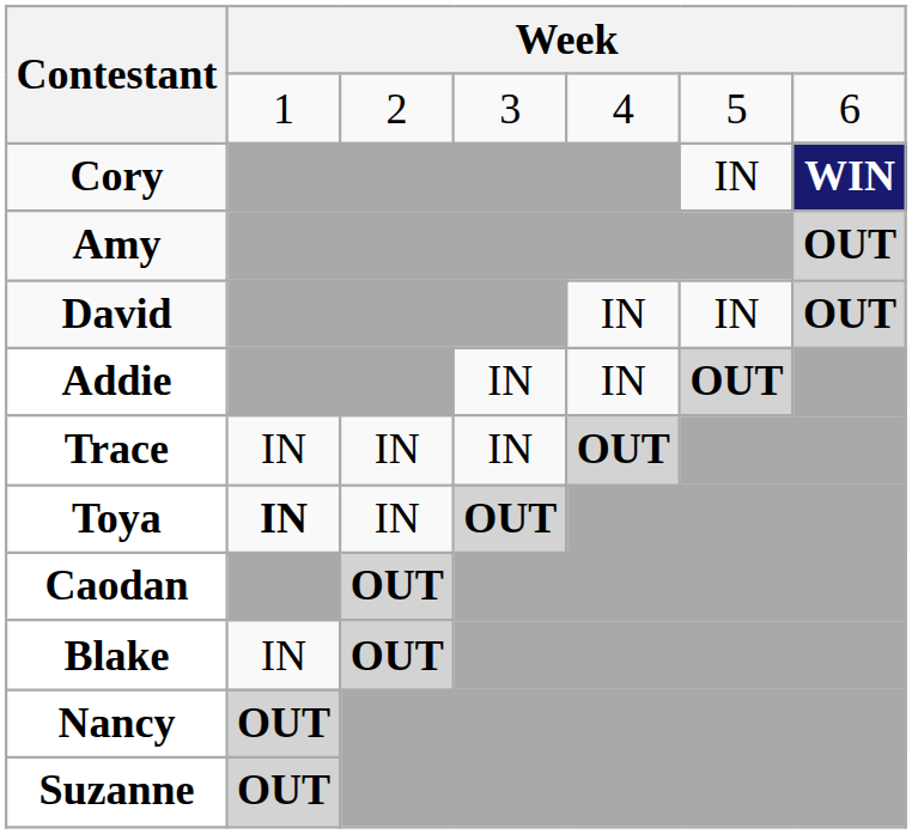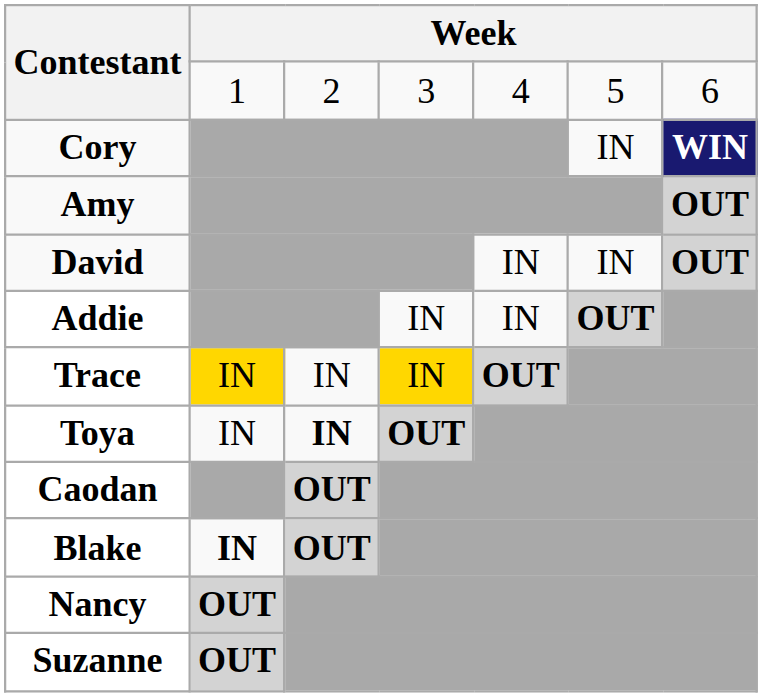 <table class="wikitable" align style="text-align:center" center>
 <tr>
 <th rowspan=2>Contestant</th>
 <th colspan=6>Week</th>
 </tr>
 <tr>
 <td>1</td>
 <td>2</td>
 <td>3</td>
 <td>4</td>
 <td>5</td>
 <td>6</td>
 </tr>
 <tr>
 <td><strong>Cory</strong></td>
 <td colspan="4" style="background:darkgrey;"></td>
 <td>IN</td>
 <td style="background:midnightblue; color:#fff;"><strong>WIN</strong></td>
 </tr>
 <tr>
 <td><strong>Amy</strong></td>
 <td colspan="5" style="background:darkgrey;"></td>
 <td style="background:lightgrey;"><strong>OUT</strong></td>
 </tr>
 <tr>
 <td><strong>David</strong></td>
 <td colspan="3" style="background:darkgrey;"></td>
 <td>IN</td>
 <td>IN</td>
 <td style="background:lightgrey;"><strong>OUT</strong></td>
 </tr>
 <tr>
 <th style="background:white"><strong>Addie</strong></th>
 <td colspan="2" style="background:darkgrey;"></td>
 <td>IN</td>
 <td>IN</td>
 <td style="background:lightgrey;"><strong>OUT</strong></td>
 <td colspan=1 style="background:darkgrey;"></td>
 </tr>
 <tr>
 <th style="background:white"><strong>Trace</strong></th>
+<td style="background: gold;">IN</td>
 <td>IN</td>
-<td>IN</td>
-<td>IN</td>
+<td style="background: gold;">IN</td>
 <td style="background:lightgrey;"><strong>OUT</strong></td>
 <td colspan=2 style="background:darkgrey;"></td>
 </tr>
 <tr>
 <th style="background:white"><strong>Toya</strong></th>
+<td>IN</td>
 <td><strong>IN</strong></td>
-<td>IN</td>
 <td style="background:lightgrey;"><strong>OUT</strong></td>
 <td colspan=3 style="background:darkgrey;"></td>
 </tr>
 <tr>
 <th style="background:white"><strong>Caodan</strong></th>
 <td style="background:darkgrey;"></td>
 <td style="background:lightgrey;"><strong>OUT</strong></td>
 <td colspan=4 style="background:darkgrey;"></td>
 </tr>
 <tr>
 <th style="background:white"><strong>Blake</strong></th>
-<td>IN</td>
+<td><strong>IN</strong></td>
 <td style="background:lightgrey;"><strong>OUT</strong></td>
 <td colspan=4 style="background:darkgrey;"></td>
 </tr>
 <tr>
 <th style="background:white"><strong>Nancy</strong></th>
 <td style="background:lightgrey;"><strong>OUT</strong></td>
 <td colspan=5 style="background:darkgrey;"></td>
 </tr>
 <tr>
 <th style="background:white"><strong>Suzanne</strong></th>
 <td style="background:lightgrey;"><strong>OUT</strong></td>
 <td colspan=5 style="background:darkgrey;"></td>
 </tr>
 </table>
